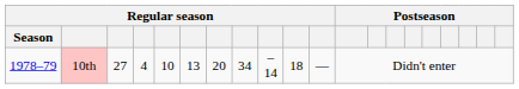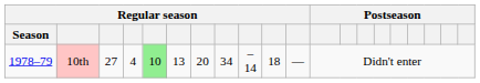 <table class="wikitable">
 <tr>
 <th colspan="11">Regular season</th>
 <th colspan="9">Postseason</th>
 </tr>
 <tr>
 <th width="80">Season</th>
 <th width="80"></th>
 <th width="36"></th>
 <th width="36"></th>
 <th width="36"></th>
 <th width="36"></th>
 <th width="36"></th>
 <th width="36"></th>
 <th width="36"></th>
 <th width="36"></th>
 <th width="36"></th>
 <th width="80"></th>
 <th width="36"></th>
 <th width="36"></th>
 <th width="36"></th>
 <th width="36"></th>
 <th width="36"></th>
 <th width="36"></th>
 <th width="36"></th>
 <th width="36"></th>
 </tr>
 <tr align="center">
 <td><a href='#'>1978–79</a></td>
 <td bgcolor="FFC5C5">10th</td>
 <td>27</td>
 <td>4</td>
-<td>10</td>
+<td style="background: lightgreen;">10</td>
 <td>13</td>
 <td>20</td>
 <td>34</td>
 <td>–14</td>
 <td>18</td>
 <td>—</td>
 <td colspan="9">Didn't enter</td>
 </tr>
 </table>
